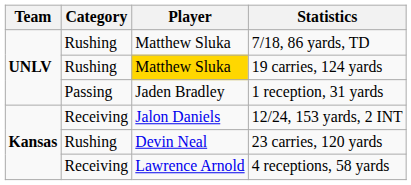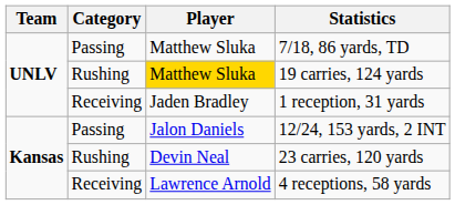 <table class="wikitable" style="float: right;">
 <tr>
 <th>Team</th>
 <th>Category</th>
 <th>Player</th>
 <th>Statistics</th>
 </tr>
 <tr>
 <td rowspan=3><strong>UNLV</strong></td>
-<td>Rushing</td>
+<td>Passing</td>
 <td>Matthew Sluka</td>
 <td>7/18, 86 yards, TD</td>
 </tr>
 <tr>
 <td>Rushing</td>
 <td style="background: gold;">Matthew Sluka</td>
 <td>19 carries, 124 yards</td>
 </tr>
 <tr>
-<td>Passing</td>
+<td>Receiving</td>
 <td>Jaden Bradley</td>
 <td>1 reception, 31 yards</td>
 </tr>
 <tr>
 <td rowspan=3><strong>Kansas</strong></td>
-<td>Receiving</td>
+<td>Passing</td>
 <td><a href='#'>Jalon Daniels</a></td>
 <td>12/24, 153 yards, 2 INT</td>
 </tr>
 <tr>
 <td>Rushing</td>
 <td><a href='#'>Devin Neal</a></td>
 <td>23 carries, 120 yards</td>
 </tr>
 <tr>
 <td>Receiving</td>
 <td><a href='#'>Lawrence Arnold</a></td>
 <td>4 receptions, 58 yards</td>
 </tr>
 </table>
